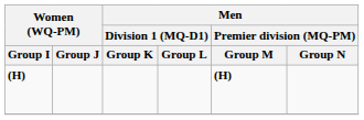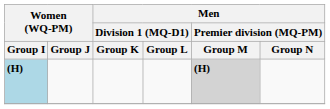 <table class="wikitable" style="font-size: 90%;">
 <tr>
 <th colspan=2 rowspan=2>Women<br>(WQ-PM)</th>
 <th colspan=4>Men</th>
 </tr>
 <tr>
 <th colspan=2>Division 1 (MQ-D1)</th>
 <th colspan=2>Premier division (MQ-PM)</th>
 </tr>
 <tr>
 <th>Group I</th>
 <th>Group J</th>
 <th>Group K</th>
 <th>Group L</th>
 <th>Group M</th>
 <th>Group N</th>
 </tr>
 <tr style="vertical-align: top;">
-<td> <strong>(H)</strong><br><br><br></td>
+<td style="background: lightblue;"> <strong>(H)</strong><br><br><br></td>
 <td><br><br></td>
 <td><br><br></td>
 <td><br><br></td>
-<td> <strong>(H)</strong><br><br></td>
+<td style="background: lightgrey;"> <strong>(H)</strong><br><br></td>
 <td><br><br></td>
 </tr>
 <tr>
 </tr>
 </table>
